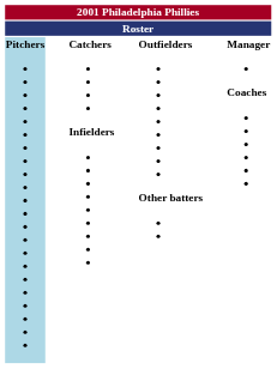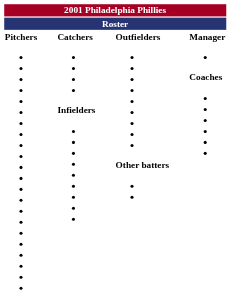 <table class="toccolours" style="font-size: 95%;">
 <tr>
 <th colspan="10" style="background:#a50024; color:#fff; text-align:center;">2001 Philadelphia Phillies</th>
 </tr>
 <tr>
 <td colspan="10" style="background:#263473; color:white; text-align:center;"><strong>Roster</strong></td>
 </tr>
 <tr>
-<td valign="top" style="background: lightblue;"><strong>Pitchers</strong><br><ul><li></li><li></li><li></li><li></li><li></li><li></li><li></li><li></li><li></li><li></li><li></li><li></li><li></li><li></li><li></li><li></li><li></li><li></li><li></li><li></li><li></li><li></li></ul></td>
+<td valign="top"><strong>Pitchers</strong><br><ul><li></li><li></li><li></li><li></li><li></li><li></li><li></li><li></li><li></li><li></li><li></li><li></li><li></li><li></li><li></li><li></li><li></li><li></li><li></li><li></li><li></li><li></li></ul></td>
 <td style="width:25px;"></td>
 <td valign="top"><strong>Catchers</strong><br><ul><li></li><li></li><li></li><li></li></ul><strong>Infielders</strong><ul><li></li><li></li><li></li><li></li><li></li><li></li><li></li><li></li><li></li></ul></td>
 <td style="width:25px;"></td>
 <td valign="top"><strong>Outfielders</strong><br><ul><li></li><li></li><li></li><li></li><li></li><li></li><li></li><li></li><li></li></ul><strong>Other batters</strong><ul><li></li><li></li></ul></td>
 <td style="width:25px;"></td>
 <td valign="top"><strong>Manager</strong><br><ul><li></li></ul><strong>Coaches</strong><ul><li></li><li></li><li></li><li></li><li></li><li></li></ul></td>
 </tr>
 </table>
